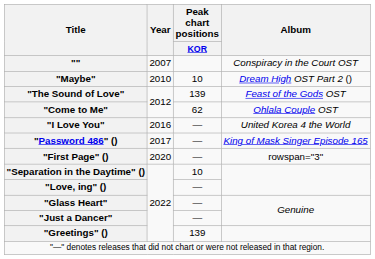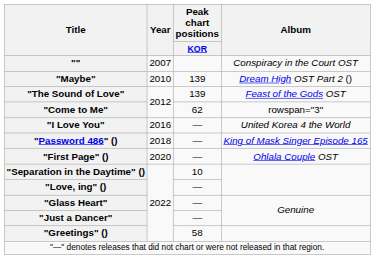 <table class="wikitable plainrowheaders" style="text-align:center">
 <tr>
 <th scope="col" rowspan="2">Title</th>
 <th scope="col" rowspan="2">Year</th>
 <th scope="col" colspan="1">Peak chart positions</th>
 <th scope="col" rowspan="2">Album</th>
 </tr>
 <tr>
 <th scope="col" style="width:3.5em;font-size:90%"><a href='#'>KOR</a><br></th>
 </tr>
 <tr>
 <th scope="row">""</th>
 <td>2007</td>
 <td></td>
 <td><em>Conspiracy in the Court OST</em></td>
 </tr>
 <tr>
 <th scope="row">"Maybe"</th>
 <td>2010</td>
-<td>10</td>
+<td>139</td>
 <td><em><a href='#'>Dream High</a> OST Part 2</em> ()</td>
 </tr>
 <tr>
 <th scope="row">"The Sound of Love"</th>
 <td rowspan="2">2012</td>
 <td>139</td>
 <td><em><a href='#'>Feast of the Gods</a> OST</em></td>
 </tr>
 <tr>
 <th scope="row">"Come to Me"</th>
 <td>62</td>
-<td><em><a href='#'>Ohlala Couple</a> OST</em></td>
+<td>rowspan="3" </td>
 </tr>
 <tr>
 <th scope="row">"I Love You"</th>
 <td>2016</td>
 <td>—</td>
 <td><em>United Korea 4 the World</em></td>
 </tr>
 <tr>
 <th scope="row">"<a href='#'>Password 486</a>" ()<br></th>
-<td>2017</td>
+<td>2018</td>
 <td>—</td>
 <td><em><a href='#'>King of Mask Singer Episode 165</a></em></td>
 </tr>
 <tr>
 <th scope="row">"First Page" ()<br></th>
 <td>2020</td>
 <td>—</td>
-<td>rowspan="3" </td>
+<td><em><a href='#'>Ohlala Couple</a> OST</em></td>
 </tr>
 <tr>
 <th scope="row">"Separation in the Daytime" ()<br></th>
 <td rowspan="5">2022</td>
 <td>10</td>
 </tr>
 <tr>
 <th scope="row">"Love, ing" ()</th>
 <td>—</td>
 </tr>
 <tr>
 <th scope="row">"Glass Heart"</th>
 <td>—</td>
 <td rowspan="2"><em>Genuine</em></td>
 </tr>
 <tr>
 <th scope="row">"Just a Dancer"</th>
 <td>—</td>
 </tr>
 <tr>
 <th scope="row">"Greetings" ()<br></th>
-<td>139</td>
+<td>58</td>
 <td></td>
 </tr>
 <tr>
 <td colspan="5" style="font-size:85%">"—" denotes releases that did not chart or were not released in that region.</td>
 </tr>
 </table>
